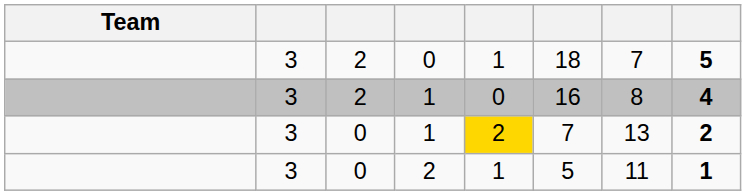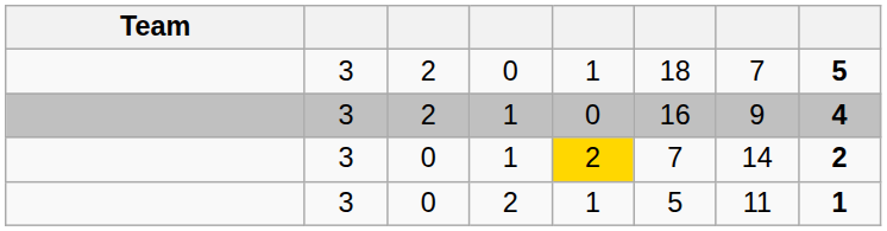 <table class="wikitable" style="text-align:center;">
 <tr>
 <th width=165>Team</th>
 <th width=40></th>
 <th width=40></th>
 <th width=40></th>
 <th width=40></th>
 <th width=40></th>
 <th width=40></th>
 <th width=40></th>
 </tr>
 <tr align=center>
 <td align=left></td>
 <td>3</td>
 <td>2</td>
 <td>0</td>
 <td>1</td>
 <td>18</td>
 <td>7</td>
 <td><strong>5</strong></td>
 </tr>
 <tr align=center bgcolor="silver">
 <td align=left> </td>
 <td>3</td>
 <td>2</td>
 <td>1</td>
 <td>0</td>
 <td>16</td>
-<td>8</td>
+<td>9</td>
 <td><strong>4</strong></td>
 </tr>
 <tr align=center>
 <td align=left></td>
 <td>3</td>
 <td>0</td>
 <td>1</td>
 <td style="background: gold;">2</td>
 <td>7</td>
-<td>13</td>
+<td>14</td>
 <td><strong>2</strong></td>
 </tr>
 <tr align=center>
 <td align=left></td>
 <td>3</td>
 <td>0</td>
 <td>2</td>
 <td>1</td>
 <td>5</td>
 <td>11</td>
 <td><strong>1</strong></td>
 </tr>
 </table>
